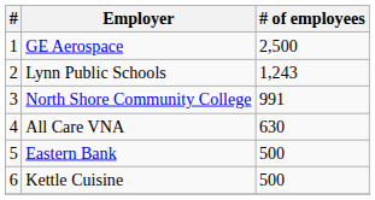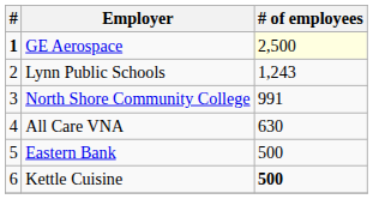 <table class="wikitable">
 <tr>
 <th>#</th>
 <th>Employer</th>
 <th># of employees</th>
 </tr>
 <tr>
-<td>1</td>
+<td><strong>1</strong></td>
 <td><a href='#'>GE Aerospace</a></td>
-<td>2,500</td>
+<td style="background: lightyellow;">2,500</td>
 </tr>
 <tr>
 <td>2</td>
 <td>Lynn Public Schools</td>
 <td>1,243</td>
 </tr>
 <tr>
 <td>3</td>
 <td><a href='#'>North Shore Community College</a></td>
 <td>991</td>
 </tr>
 <tr>
 <td>4</td>
 <td>All Care VNA</td>
 <td>630</td>
 </tr>
 <tr>
 <td>5</td>
 <td><a href='#'>Eastern Bank</a></td>
 <td>500</td>
 </tr>
 <tr>
 <td>6</td>
 <td>Kettle Cuisine</td>
-<td>500</td>
+<td><strong>500</strong></td>
 </tr>
 <tr>
 </tr>
 </table>
